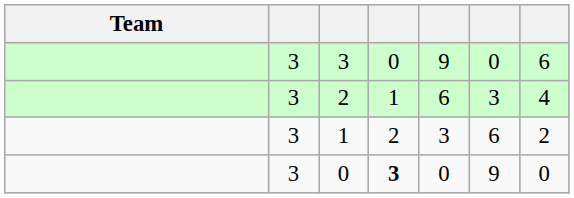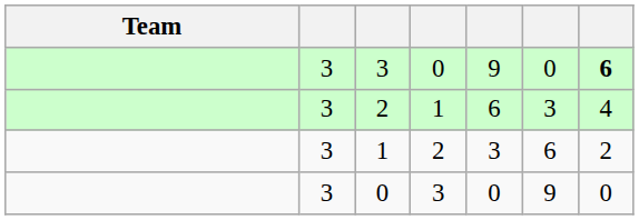 <table class="wikitable" style="text-align: center; font-size:90% ">
 <tr>
 <th width=160>Team</th>
 <th width=25></th>
 <th width=25></th>
 <th width=25></th>
 <th width=25></th>
 <th width=25></th>
 <th width=25></th>
 </tr>
 <tr bgcolor="ccffcc">
 <td align=left></td>
 <td>3</td>
 <td>3</td>
 <td>0</td>
 <td>9</td>
 <td>0</td>
-<td>6</td>
+<td><strong>6</strong></td>
 </tr>
 <tr bgcolor="ccffcc">
 <td align=left></td>
 <td>3</td>
 <td>2</td>
 <td>1</td>
 <td>6</td>
 <td>3</td>
 <td>4</td>
 </tr>
 <tr>
 <td align=left></td>
 <td>3</td>
 <td>1</td>
 <td>2</td>
 <td>3</td>
 <td>6</td>
 <td>2</td>
 </tr>
 <tr>
 <td align=left></td>
 <td>3</td>
 <td>0</td>
-<td><strong>3</strong></td>
+<td>3</td>
 <td>0</td>
 <td>9</td>
 <td>0</td>
 </tr>
 </table>
